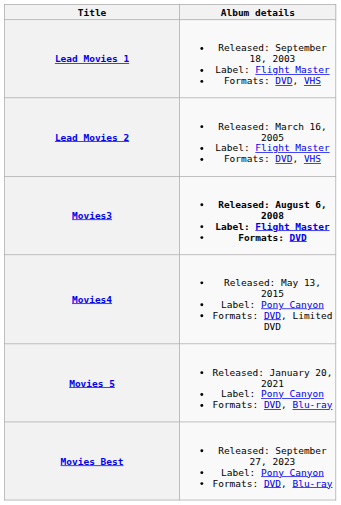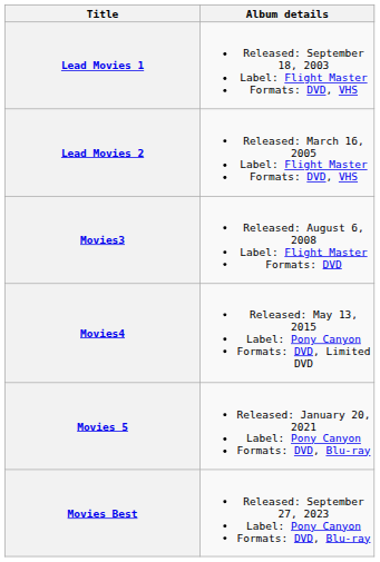 <table class="wikitable sortable plainrowheaders" style="text-align:center;">
 <tr bgcolor="#CCCCCC">
 <th scope="col" style="width:18em;">Title</th>
 <th scope="col" style="width:16em;">Album details</th>
 </tr>
 <tr>
 <th scope="row"><a href='#'>Lead Movies 1</a></th>
 <td><br><ul><li>Released: September 18, 2003</li><li>Label: <a href='#'>Flight Master</a></li><li>Formats: <a href='#'>DVD</a>, <a href='#'>VHS</a></li></ul></td>
 </tr>
 <tr>
 <th scope="row"><a href='#'>Lead Movies 2</a></th>
 <td><br><ul><li>Released: March 16, 2005</li><li>Label: <a href='#'>Flight Master</a></li><li>Formats: <a href='#'>DVD</a>, <a href='#'>VHS</a></li></ul></td>
 </tr>
 <tr>
 <th scope="row"><a href='#'>Movies3</a></th>
-<td><strong><br><ul><li>Released: August 6, 2008</li><li>Label: <a href='#'>Flight Master</a></li><li>Formats: <a href='#'>DVD</a></li></ul></strong></td>
+<td><br><ul><li>Released: August 6, 2008</li><li>Label: <a href='#'>Flight Master</a></li><li>Formats: <a href='#'>DVD</a></li></ul></td>
 </tr>
 <tr>
 <th scope="row"><a href='#'>Movies4</a></th>
 <td><br><ul><li>Released: May 13, 2015</li><li>Label: <a href='#'>Pony Canyon</a></li><li>Formats: <a href='#'>DVD</a>, Limited DVD</li></ul></td>
 </tr>
 <tr>
 <th scope="row"><a href='#'>Movies 5</a></th>
 <td><br><ul><li>Released: January 20, 2021</li><li>Label: <a href='#'>Pony Canyon</a></li><li>Formats: <a href='#'>DVD</a>, <a href='#'>Blu-ray</a></li></ul></td>
 </tr>
 <tr>
 <th scope="row"><a href='#'>Movies Best</a></th>
 <td><br><ul><li>Released: September 27, 2023</li><li>Label: <a href='#'>Pony Canyon</a></li><li>Formats: <a href='#'>DVD</a>, <a href='#'>Blu-ray</a></li></ul></td>
 </tr>
 </table>
